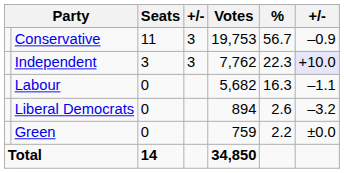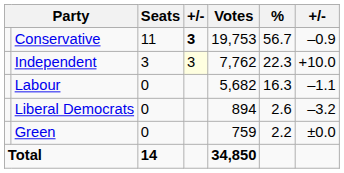 <table class="wikitable sortable">
 <tr>
 <th colspan="2">Party</th>
 <th>Seats</th>
 <th>+/-</th>
 <th>Votes</th>
 <th>%</th>
 <th>+/-</th>
 </tr>
 <tr>
 <td style="background-color: "></td>
 <td><a href='#'>Conservative</a></td>
 <td>11</td>
-<td> 3</td>
+<td><strong> 3</strong></td>
 <td style="text-align:right;">19,753</td>
 <td style="text-align:right;">56.7</td>
 <td style="text-align:right;">–0.9</td>
 </tr>
 <tr>
 <td style="background-color: "></td>
 <td><a href='#'>Independent</a></td>
 <td>3</td>
-<td> 3</td>
+<td style="background: lightyellow;"> 3</td>
 <td style="text-align:right;">7,762</td>
 <td style="text-align:right;">22.3</td>
-<td style="background: lavender; text-align:right;">+10.0</td>
+<td style="text-align:right;">+10.0</td>
 </tr>
 <tr>
 <td style="background-color: "></td>
 <td><a href='#'>Labour</a></td>
 <td>0</td>
 <td></td>
 <td style="text-align:right;">5,682</td>
 <td style="text-align:right;">16.3</td>
 <td style="text-align:right;">–1.1</td>
 </tr>
 <tr>
 <td style="background-color: "></td>
 <td><a href='#'>Liberal Democrats</a></td>
 <td>0</td>
 <td></td>
 <td style="text-align:right;">894</td>
 <td style="text-align:right;">2.6</td>
 <td style="text-align:right;">–3.2</td>
 </tr>
 <tr>
 <td style="background-color: "></td>
 <td><a href='#'>Green</a></td>
 <td>0</td>
 <td></td>
 <td style="text-align:right;">759</td>
 <td style="text-align:right;">2.2</td>
 <td style="text-align:right;">±0.0</td>
 </tr>
 <tr>
 <td colspan="2"><strong>Total</strong></td>
 <td><strong>14</strong></td>
 <td></td>
 <td style="text-align:right;"><strong>34,850</strong></td>
 <td style="text-align:right;"></td>
 <td style="text-align:right;"></td>
 </tr>
 </table>
